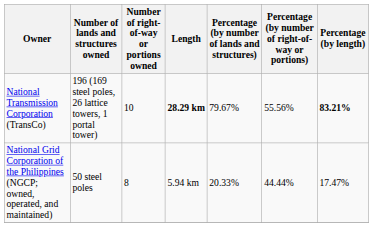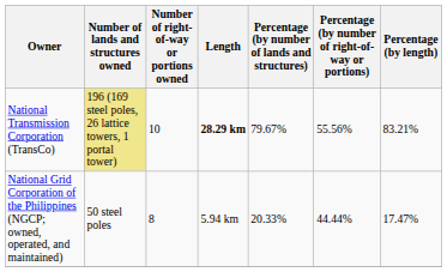 <table class="wikitable">
 <tr>
 <th>Owner</th>
 <th>Number of lands and structures owned</th>
 <th>Number of right-of-way or portions owned</th>
 <th>Length</th>
 <th>Percentage (by number of lands and structures)</th>
 <th>Percentage (by number of right-of-way or portions)</th>
 <th>Percentage (by length)</th>
 </tr>
 <tr>
 <td><a href='#'>National Transmission Corporation</a> (TransCo)</td>
-<td>196 (169 steel poles, 26 lattice towers, 1 portal tower)</td>
+<td style="background: khaki;">196 (169 steel poles, 26 lattice towers, 1 portal tower)</td>
 <td>10</td>
 <td><strong>28.29 km</strong></td>
 <td>79.67%</td>
 <td>55.56%</td>
-<td><strong>83.21%</strong></td>
+<td>83.21%</td>
 </tr>
 <tr>
 <td><a href='#'>National Grid Corporation of the Philippines</a> (NGCP; owned, operated, and maintained)</td>
 <td>50 steel poles</td>
 <td>8</td>
 <td>5.94 km</td>
 <td>20.33%</td>
 <td>44.44%</td>
 <td>17.47%</td>
 </tr>
 <tr>
 </tr>
 </table>
